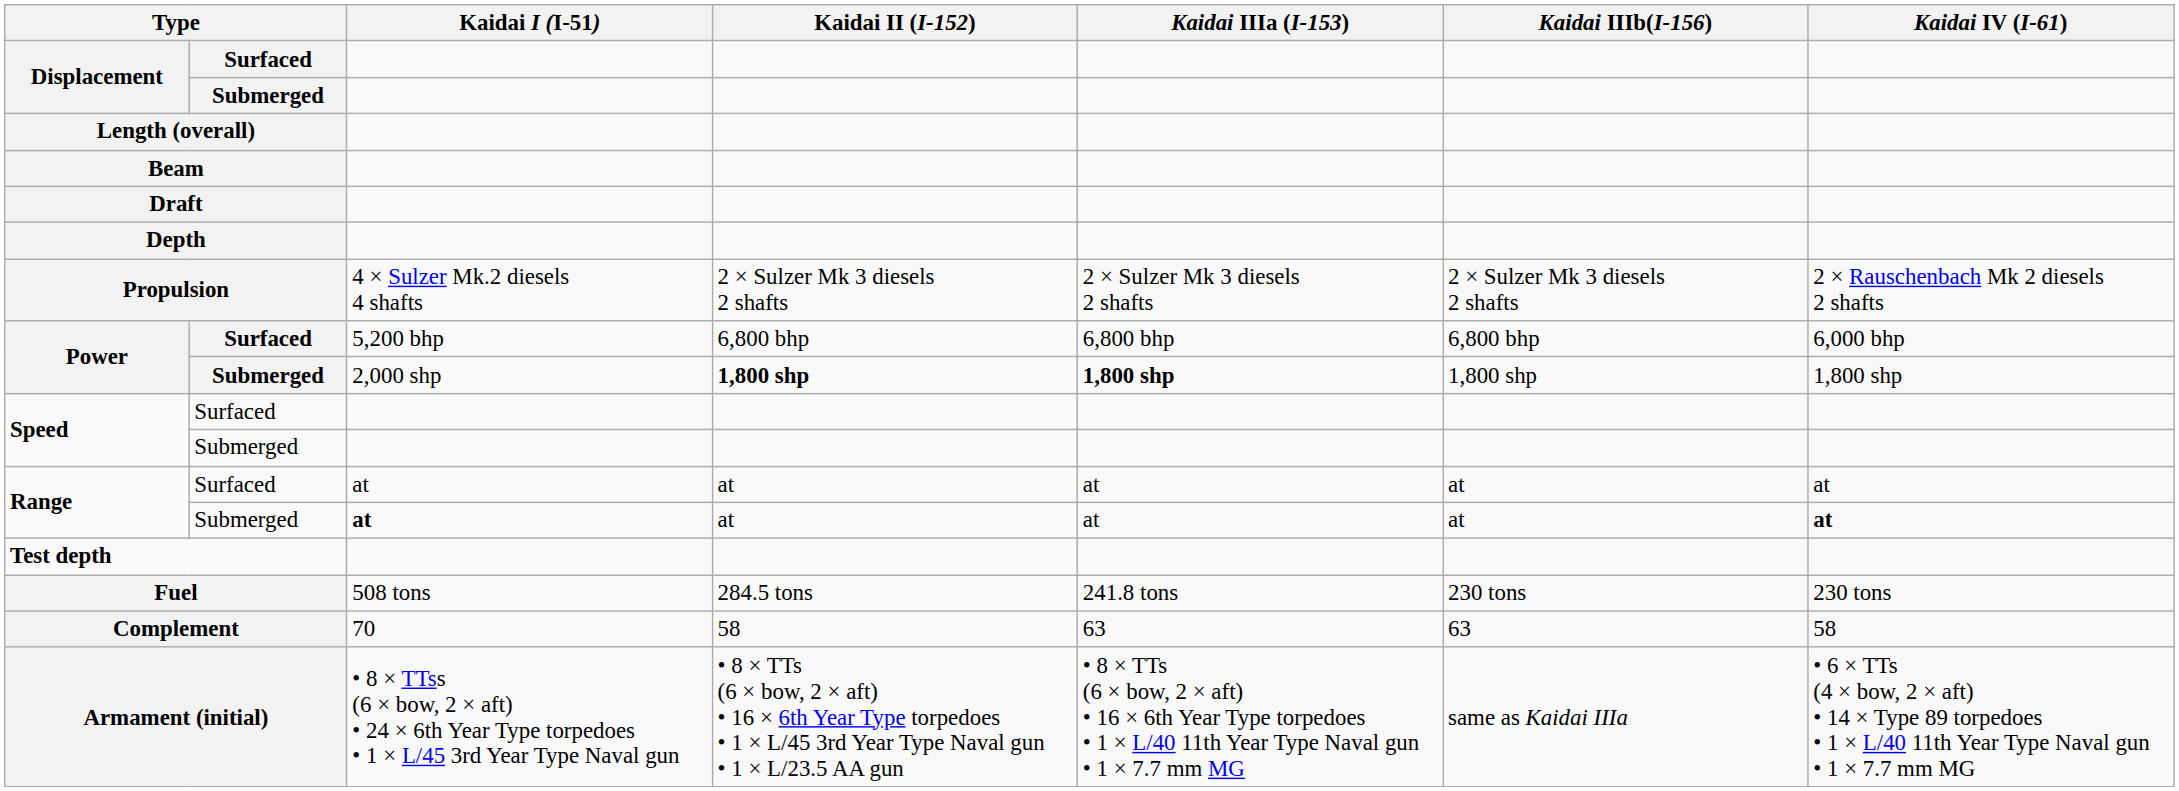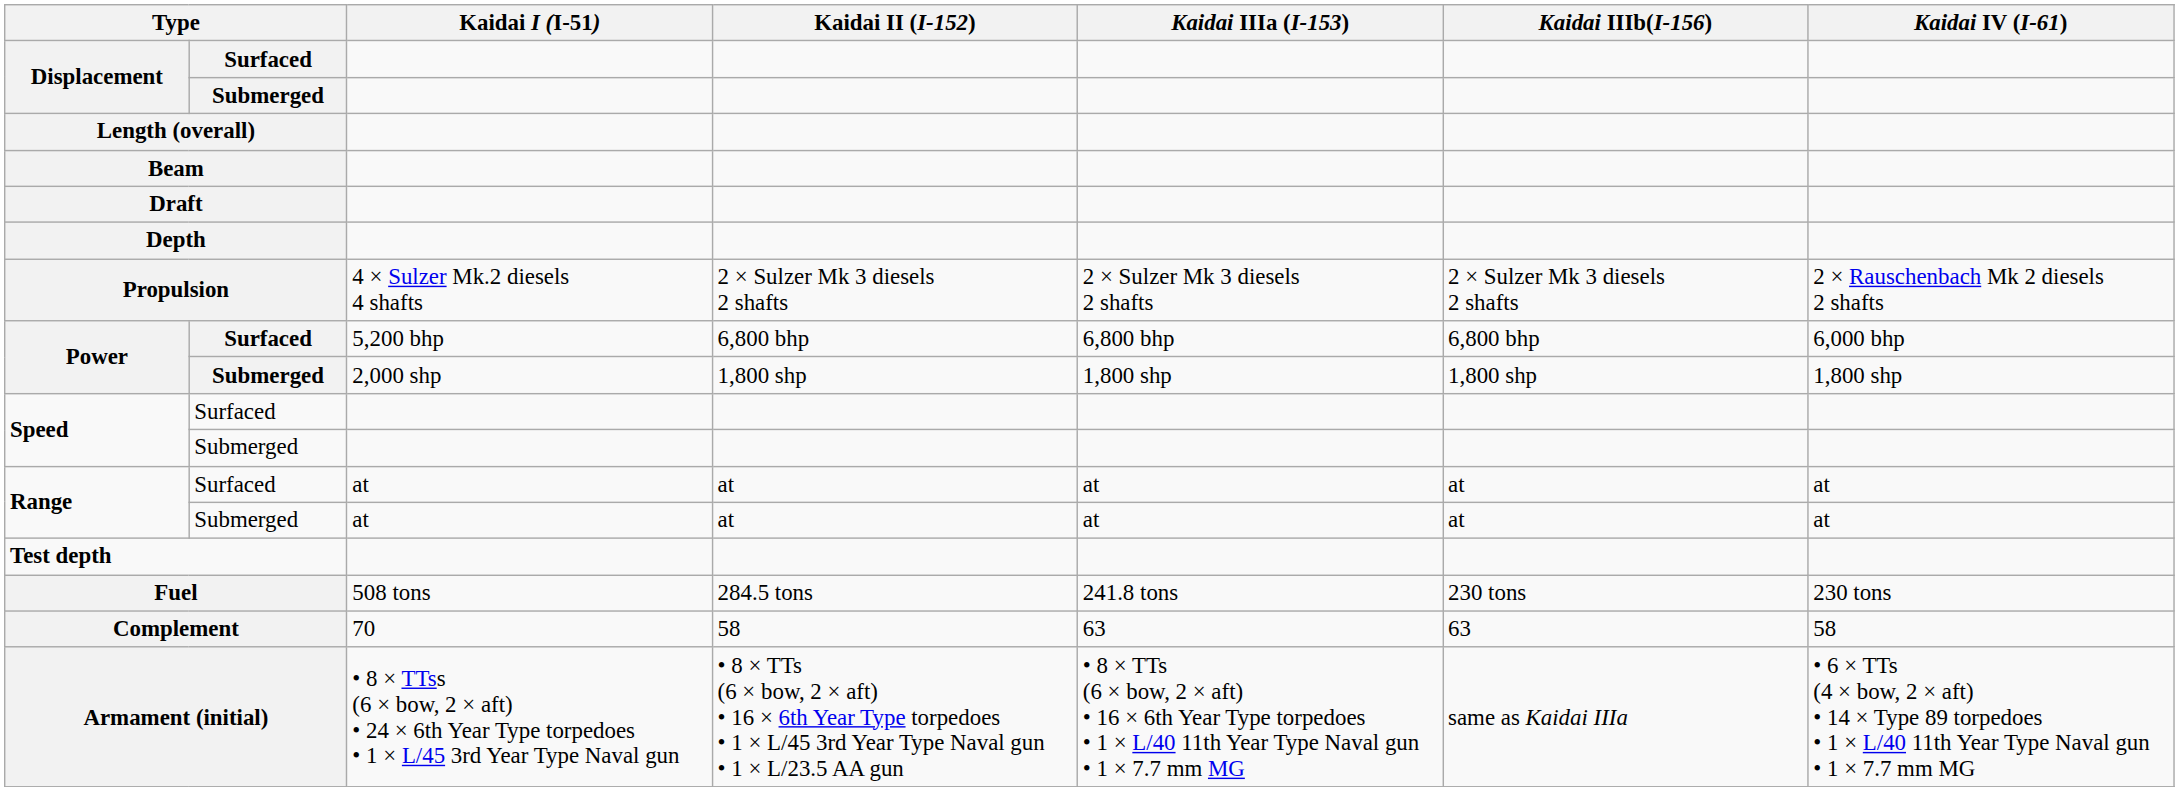 <table class="wikitable">
 <tr>
 <th width="15%" colspan="2">Type</th>
 <th width="16%"><strong>Kaidai<em> I (</em>I-51<em>)</th>
 <th width="16%"></strong>Kaidai</em> II (<em>I-152</em>)</th>
 <th width="16%"><em>Kaidai</em> IIIa (<em>I-153</em>)</th>
 <th width="16%"><em>Kaidai</em> IIIb(<em>I-156</em>)</th>
 <th width="16%"><em>Kaidai</em> IV (<em>I-61</em>)</th>
 </tr>
 <tr>
 <th rowspan="2">Displacement</th>
 <th>Surfaced</th>
 <td></td>
 <td></td>
 <td></td>
 <td></td>
 <td></td>
 </tr>
 <tr>
 <th>Submerged</th>
 <td></td>
 <td></td>
 <td></td>
 <td></td>
 <td></td>
 </tr>
 <tr>
 <th colspan="2">Length (overall)</th>
 <td></td>
 <td></td>
 <td></td>
 <td></td>
 <td></td>
 </tr>
 <tr>
 <th colspan="2">Beam</th>
 <td></td>
 <td></td>
 <td></td>
 <td></td>
 <td></td>
 </tr>
 <tr>
 <th colspan="2">Draft</th>
 <td></td>
 <td></td>
 <td></td>
 <td></td>
 <td></td>
 </tr>
 <tr>
 <th colspan="2">Depth</th>
 <td></td>
 <td></td>
 <td></td>
 <td></td>
 <td></td>
 </tr>
 <tr>
 <th colspan="2">Propulsion</th>
 <td>4 × <a href='#'>Sulzer</a> Mk.2 diesels<br>4 shafts</td>
 <td>2 × Sulzer Mk 3 diesels<br>2 shafts</td>
 <td>2 × Sulzer Mk 3 diesels<br>2 shafts</td>
 <td>2 × Sulzer Mk 3 diesels<br>2 shafts</td>
 <td>2 × <a href='#'>Rauschenbach</a> Mk 2 diesels<br>2 shafts</td>
 </tr>
 <tr>
 <th rowspan="2">Power</th>
 <th>Surfaced</th>
 <td>5,200 bhp</td>
 <td>6,800 bhp</td>
 <td>6,800 bhp</td>
 <td>6,800 bhp</td>
 <td>6,000 bhp</td>
 </tr>
 <tr>
 <th>Submerged</th>
 <td>2,000 shp</td>
-<td><strong>1,800 shp</strong></td>
-<td><strong>1,800 shp</strong></td>
+<td>1,800 shp</td>
+<td>1,800 shp</td>
 <td>1,800 shp</td>
 <td>1,800 shp</td>
 </tr>
 <tr>
 <td rowspan="2"><strong>Speed</strong></td>
 <td>Surfaced</td>
 <td></td>
 <td></td>
 <td></td>
 <td></td>
 <td></td>
 </tr>
 <tr>
 <td>Submerged</td>
 <td></td>
 <td></td>
 <td></td>
 <td></td>
 <td></td>
 </tr>
 <tr>
 <td rowspan="2"><strong>Range</strong></td>
 <td>Surfaced</td>
 <td> at </td>
 <td> at </td>
 <td> at </td>
 <td> at </td>
 <td> at </td>
 </tr>
 <tr>
 <td>Submerged</td>
-<td><strong> at </strong></td>
 <td> at </td>
 <td> at </td>
 <td> at </td>
-<td><strong> at </strong></td>
+<td> at </td>
+<td> at </td>
 </tr>
 <tr>
 <td colspan="2"><strong>Test depth</strong></td>
 <td></td>
 <td></td>
 <td></td>
 <td></td>
 <td></td>
 </tr>
 <tr>
 <th colspan="2">Fuel</th>
 <td>508 tons</td>
 <td>284.5 tons</td>
 <td>241.8 tons</td>
 <td>230 tons</td>
 <td>230 tons</td>
 </tr>
 <tr>
 <th colspan="2">Complement</th>
 <td>70</td>
 <td>58</td>
 <td>63</td>
 <td>63</td>
 <td>58</td>
 </tr>
 <tr>
 <th colspan="2">Armament (initial)</th>
 <td>• 8 ×  <a href='#'>TTs</a>s<br>(6 × bow, 2 × aft)<br>• 24 × 6th Year Type torpedoes<br>• 1 ×  <a href='#'>L/45</a> 3rd Year Type Naval gun</td>
 <td>• 8 ×  TTs<br>(6 × bow, 2 × aft)<br>• 16 × <a href='#'>6th Year Type</a> torpedoes<br>• 1 × <a href='#'></a> L/45 3rd Year Type Naval gun<br>• 1 × <a href='#'></a> L/23.5 AA gun</td>
 <td>• 8 ×  TTs<br>(6 × bow, 2 × aft)<br>• 16 × 6th Year Type torpedoes<br>• 1 × <a href='#'> L/40</a> 11th Year Type Naval gun<br>• 1 × 7.7 mm <a href='#'>MG</a></td>
 <td>same as <em>Kaidai IIIa</em></td>
 <td>• 6 ×  TTs<br>(4 × bow, 2 × aft)<br>• 14 × Type 89 torpedoes<br>• 1 × <a href='#'> L/40</a> 11th Year Type Naval gun<br>• 1 × 7.7 mm MG</td>
 </tr>
 <tr>
 </tr>
 </table>
